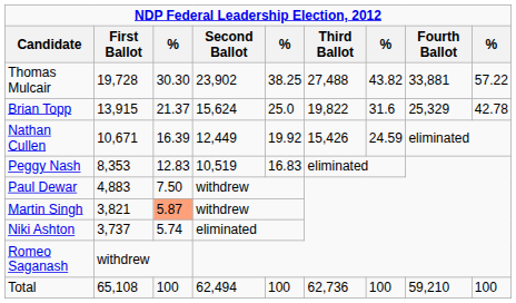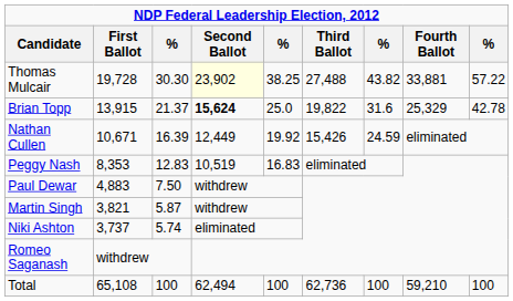 <table class="wikitable">
 <tr>
 <td colspan="9" style="text-align:center;"><strong><a href='#'>NDP Federal Leadership Election, 2012</a></strong></td>
 </tr>
 <tr>
 <th>Candidate</th>
 <th>First Ballot</th>
 <th>%</th>
 <th>Second Ballot</th>
 <th>%</th>
 <th>Third Ballot</th>
 <th>%</th>
 <th>Fourth Ballot</th>
 <th>%</th>
 </tr>
 <tr>
 <td>Thomas Mulcair</td>
 <td>19,728</td>
 <td>30.30</td>
-<td>23,902</td>
+<td style="background: lightyellow;">23,902</td>
 <td>38.25</td>
 <td>27,488</td>
 <td>43.82</td>
 <td>33,881</td>
 <td>57.22</td>
 </tr>
 <tr>
 <td><a href='#'>Brian Topp</a></td>
 <td>13,915</td>
 <td>21.37</td>
-<td>15,624</td>
+<td><strong>15,624</strong></td>
 <td>25.0</td>
 <td>19,822</td>
 <td>31.6</td>
 <td>25,329</td>
 <td>42.78</td>
 </tr>
 <tr>
 <td><a href='#'>Nathan Cullen</a></td>
 <td>10,671</td>
 <td>16.39</td>
 <td>12,449</td>
 <td>19.92</td>
 <td>15,426</td>
 <td>24.59</td>
 <td colspan=2>eliminated</td>
 </tr>
 <tr>
 <td><a href='#'>Peggy Nash</a></td>
 <td>8,353</td>
 <td>12.83</td>
 <td>10,519</td>
 <td>16.83</td>
 <td colspan=2>eliminated</td>
 </tr>
 <tr>
 <td><a href='#'>Paul Dewar</a></td>
 <td>4,883</td>
 <td>7.50</td>
 <td colspan=2>withdrew</td>
 </tr>
 <tr>
 <td><a href='#'>Martin Singh</a></td>
 <td>3,821</td>
-<td style="background: lightsalmon;">5.87</td>
+<td>5.87</td>
 <td colspan=2>withdrew</td>
 </tr>
 <tr>
 <td><a href='#'>Niki Ashton</a></td>
 <td>3,737</td>
 <td>5.74</td>
 <td colspan=2>eliminated</td>
 </tr>
 <tr>
 <td><a href='#'>Romeo Saganash</a></td>
 <td colspan=2>withdrew</td>
 </tr>
 <tr>
 <td>Total</td>
 <td>65,108</td>
 <td>100</td>
 <td>62,494</td>
 <td>100</td>
 <td>62,736</td>
 <td>100</td>
 <td>59,210</td>
 <td>100</td>
 </tr>
 </table>
